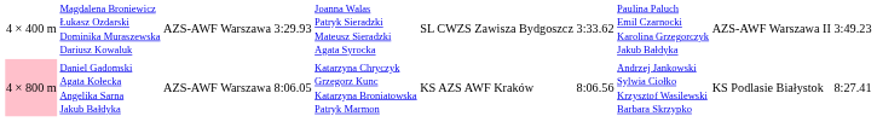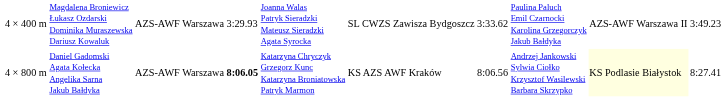 <table>
 <tr>
 <td>4 × 400 m</td>
 <td><small><a href='#'>Magdalena Broniewicz</a><br><a href='#'>Łukasz Ozdarski</a><br><a href='#'>Dominika Muraszewska</a><br><a href='#'>Dariusz Kowaluk</a></small></td>
 <td>AZS-AWF Warszawa</td>
 <td>3:29.93</td>
 <td><small><a href='#'>Joanna Walas</a><br><a href='#'>Patryk Sieradzki</a><br><a href='#'>Mateusz Sieradzki</a><br><a href='#'>Agata Syrocka</a></small></td>
 <td>SL CWZS Zawisza Bydgoszcz</td>
 <td>3:33.62</td>
 <td><small><a href='#'>Paulina Paluch</a><br><a href='#'>Emil Czarnocki</a><br><a href='#'>Karolina Grzegorczyk</a><br><a href='#'>Jakub Bałdyka</a></small></td>
 <td>AZS-AWF Warszawa II</td>
 <td>3:49.23</td>
 </tr>
 <tr>
-<td style="background: pink;">4 × 800 m</td>
+<td>4 × 800 m</td>
 <td><small><a href='#'>Daniel Gadomski</a><br><a href='#'>Agata Kołecka</a><br><a href='#'>Angelika Sarna</a><br><a href='#'>Jakub Bałdyka</a></small></td>
 <td>AZS-AWF Warszawa</td>
-<td>8:06.05</td>
+<td><strong>8:06.05</strong></td>
 <td><small><a href='#'>Katarzyna Chryczyk</a><br><a href='#'>Grzegorz Kunc</a><br><a href='#'>Katarzyna Broniatowska</a><br><a href='#'>Patryk Marmon</a></small></td>
 <td>KS AZS AWF Kraków</td>
 <td>8:06.56</td>
 <td><small><a href='#'>Andrzej Jankowski</a><br><a href='#'>Sylwia Ciołko</a><br><a href='#'>Krzysztof Wasilewski</a><br><a href='#'>Barbara Skrzypko</a></small></td>
-<td>KS Podlasie Białystok</td>
+<td style="background: lightyellow;">KS Podlasie Białystok</td>
 <td>8:27.41</td>
 </tr>
 </table>
